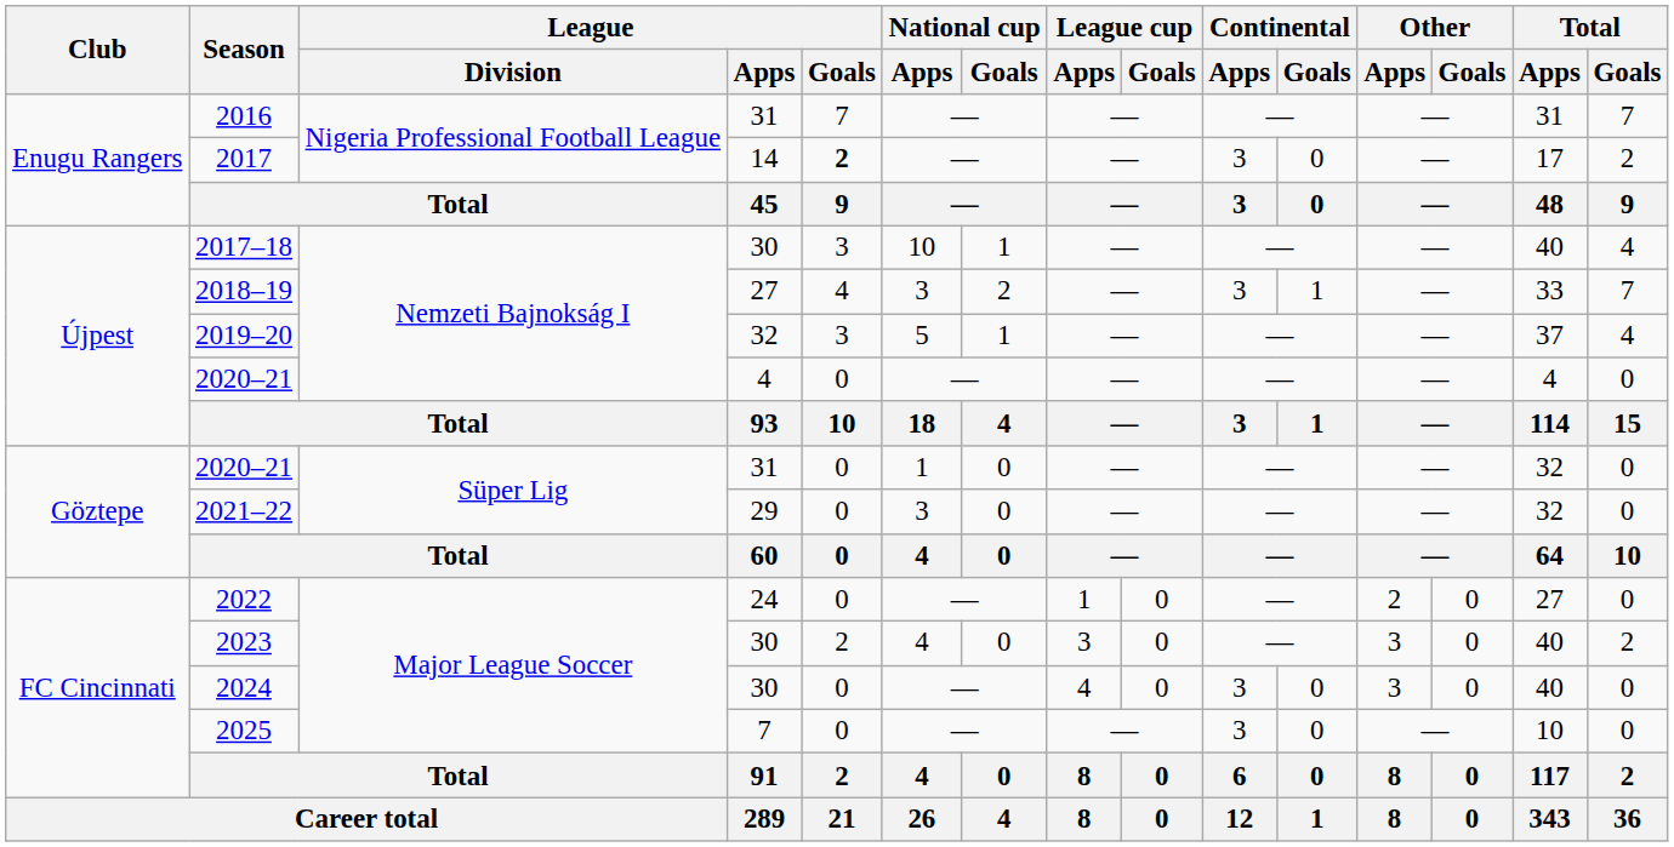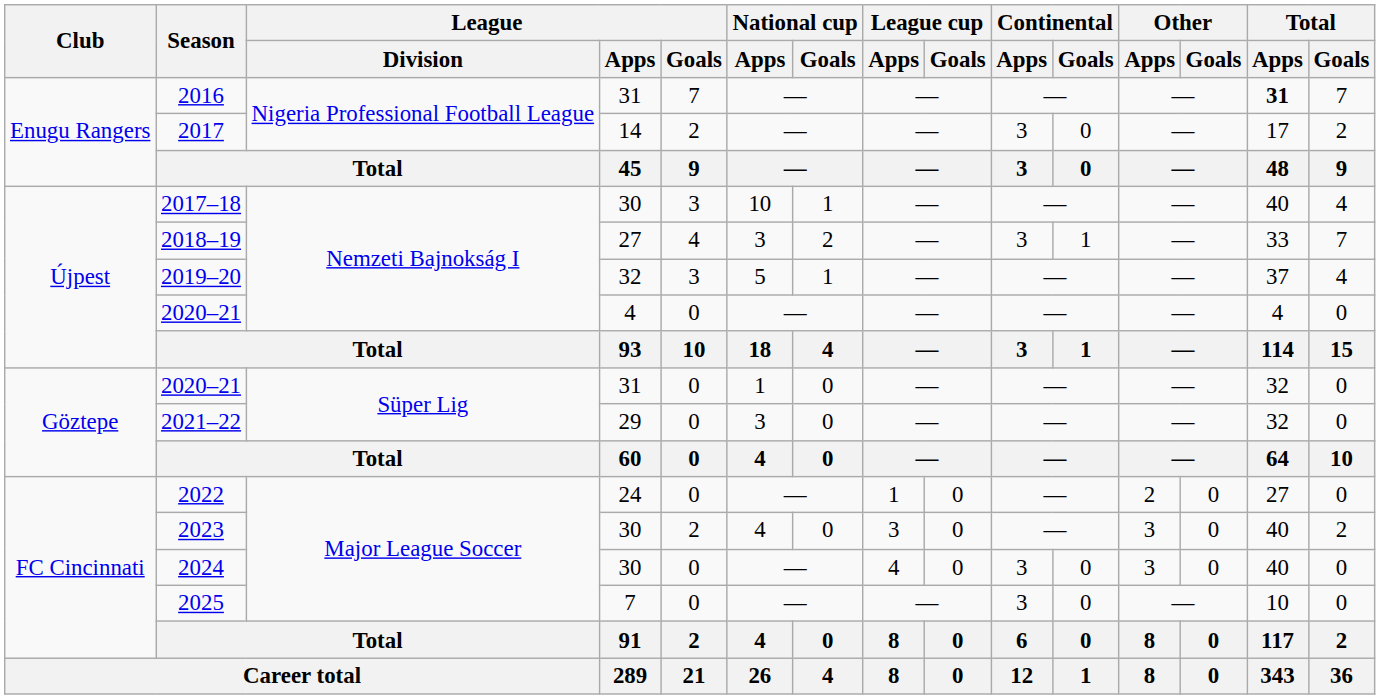 <table class=wikitable style=text-align:center>
 <tr>
 <th rowspan="2">Club</th>
 <th rowspan="2">Season</th>
 <th colspan="3">League</th>
 <th colspan="2">National cup</th>
 <th colspan="2">League cup</th>
 <th colspan="2">Continental</th>
 <th colspan="2">Other</th>
 <th colspan="2">Total</th>
 </tr>
 <tr>
 <th>Division</th>
 <th>Apps</th>
 <th>Goals</th>
 <th>Apps</th>
 <th>Goals</th>
 <th>Apps</th>
 <th>Goals</th>
 <th>Apps</th>
 <th>Goals</th>
 <th>Apps</th>
 <th>Goals</th>
 <th>Apps</th>
 <th>Goals</th>
 </tr>
 <tr>
 <td rowspan="3"><a href='#'>Enugu Rangers</a></td>
 <td><a href='#'>2016</a></td>
 <td rowspan="2"><a href='#'>Nigeria Professional Football League</a></td>
 <td>31</td>
 <td>7</td>
 <td colspan="2">—</td>
 <td colspan="2">—</td>
 <td colspan="2">—</td>
 <td colspan="2">—</td>
-<td>31</td>
+<td><strong>31</strong></td>
 <td>7</td>
 </tr>
 <tr>
 <td><a href='#'>2017</a></td>
 <td>14</td>
-<td><strong>2</strong></td>
+<td>2</td>
 <td colspan="2">—</td>
 <td colspan="2">—</td>
 <td>3</td>
 <td>0</td>
 <td colspan="2">—</td>
 <td>17</td>
 <td>2</td>
 </tr>
 <tr>
 <th colspan="2">Total</th>
 <th>45</th>
 <th>9</th>
 <th colspan="2">—</th>
 <th colspan="2">—</th>
 <th>3</th>
 <th>0</th>
 <th colspan="2">—</th>
 <th>48</th>
 <th>9</th>
 </tr>
 <tr>
 <td rowspan="5"><a href='#'>Újpest</a></td>
 <td><a href='#'>2017–18</a></td>
 <td rowspan="4"><a href='#'>Nemzeti Bajnokság I</a></td>
 <td>30</td>
 <td>3</td>
 <td>10</td>
 <td>1</td>
 <td colspan="2">—</td>
 <td colspan="2">—</td>
 <td colspan="2">—</td>
 <td>40</td>
 <td>4</td>
 </tr>
 <tr>
 <td><a href='#'>2018–19</a></td>
 <td>27</td>
 <td>4</td>
 <td>3</td>
 <td>2</td>
 <td colspan="2">—</td>
 <td>3</td>
 <td>1</td>
 <td colspan="2">—</td>
 <td>33</td>
 <td>7</td>
 </tr>
 <tr>
 <td><a href='#'>2019–20</a></td>
 <td>32</td>
 <td>3</td>
 <td>5</td>
 <td>1</td>
 <td colspan="2">—</td>
 <td colspan="2">—</td>
 <td colspan="2">—</td>
 <td>37</td>
 <td>4</td>
 </tr>
 <tr>
 <td><a href='#'>2020–21</a></td>
 <td>4</td>
 <td>0</td>
 <td colspan="2">—</td>
 <td colspan="2">—</td>
 <td colspan="2">—</td>
 <td colspan="2">—</td>
 <td>4</td>
 <td>0</td>
 </tr>
 <tr>
 <th colspan="2">Total</th>
 <th>93</th>
 <th>10</th>
 <th>18</th>
 <th>4</th>
 <th colspan="2">—</th>
 <th>3</th>
 <th>1</th>
 <th colspan="2">—</th>
 <th>114</th>
 <th>15</th>
 </tr>
 <tr>
 <td rowspan="3"><a href='#'>Göztepe</a></td>
 <td><a href='#'>2020–21</a></td>
 <td rowspan="2"><a href='#'>Süper Lig</a></td>
 <td>31</td>
 <td>0</td>
 <td>1</td>
 <td>0</td>
 <td colspan="2">—</td>
 <td colspan="2">—</td>
 <td colspan="2">—</td>
 <td>32</td>
 <td>0</td>
 </tr>
 <tr>
 <td><a href='#'>2021–22</a></td>
 <td>29</td>
 <td>0</td>
 <td>3</td>
 <td>0</td>
 <td colspan="2">—</td>
 <td colspan="2">—</td>
 <td colspan="2">—</td>
 <td>32</td>
 <td>0</td>
 </tr>
 <tr>
 <th colspan="2">Total</th>
 <th>60</th>
 <th>0</th>
 <th>4</th>
 <th>0</th>
 <th colspan="2">—</th>
 <th colspan="2">—</th>
 <th colspan="2">—</th>
 <th>64</th>
 <th>10</th>
 </tr>
 <tr>
 <td rowspan="5"><a href='#'>FC Cincinnati</a></td>
 <td><a href='#'>2022</a></td>
 <td rowspan="4"><a href='#'>Major League Soccer</a></td>
 <td>24</td>
 <td>0</td>
 <td colspan="2">—</td>
 <td>1</td>
 <td>0</td>
 <td colspan="2">—</td>
 <td>2</td>
 <td>0</td>
 <td>27</td>
 <td>0</td>
 </tr>
 <tr>
 <td><a href='#'>2023</a></td>
 <td>30</td>
 <td>2</td>
 <td>4</td>
 <td>0</td>
 <td>3</td>
 <td>0</td>
 <td colspan="2">—</td>
 <td>3</td>
 <td>0</td>
 <td>40</td>
 <td>2</td>
 </tr>
 <tr>
 <td><a href='#'>2024</a></td>
 <td>30</td>
 <td>0</td>
 <td colspan="2">—</td>
 <td>4</td>
 <td>0</td>
 <td>3</td>
 <td>0</td>
 <td>3</td>
 <td>0</td>
 <td>40</td>
 <td>0</td>
 </tr>
 <tr>
 <td><a href='#'>2025</a></td>
 <td>7</td>
 <td>0</td>
 <td colspan="2">—</td>
 <td colspan="2">—</td>
 <td>3</td>
 <td>0</td>
 <td colspan="2">—</td>
 <td>10</td>
 <td>0</td>
 </tr>
 <tr>
 <th colspan="2">Total</th>
 <th>91</th>
 <th>2</th>
 <th>4</th>
 <th>0</th>
 <th>8</th>
 <th>0</th>
 <th>6</th>
 <th>0</th>
 <th>8</th>
 <th>0</th>
 <th>117</th>
 <th>2</th>
 </tr>
 <tr>
 <th colspan="3">Career total</th>
 <th>289</th>
 <th>21</th>
 <th>26</th>
 <th>4</th>
 <th>8</th>
 <th>0</th>
 <th>12</th>
 <th>1</th>
 <th>8</th>
 <th>0</th>
 <th>343</th>
 <th>36</th>
 </tr>
 </table>
